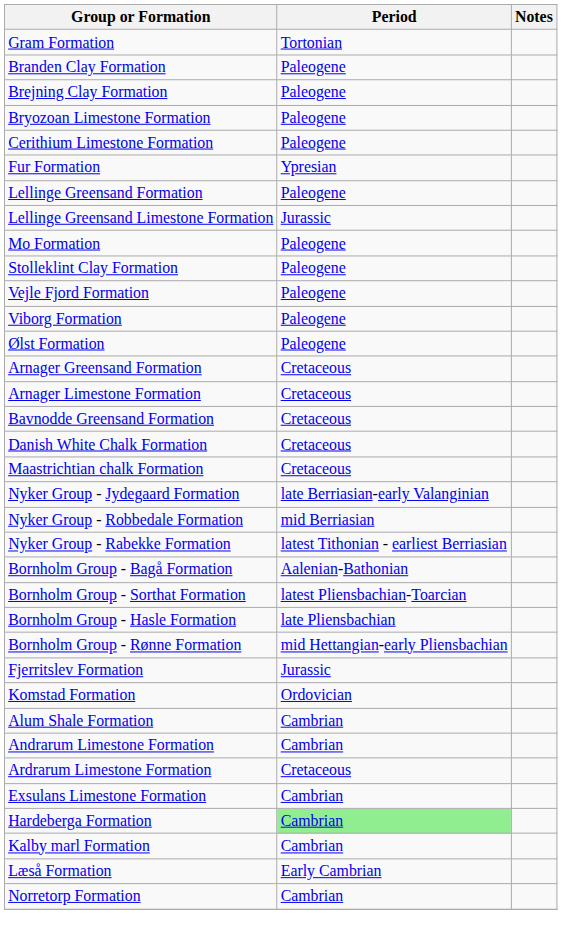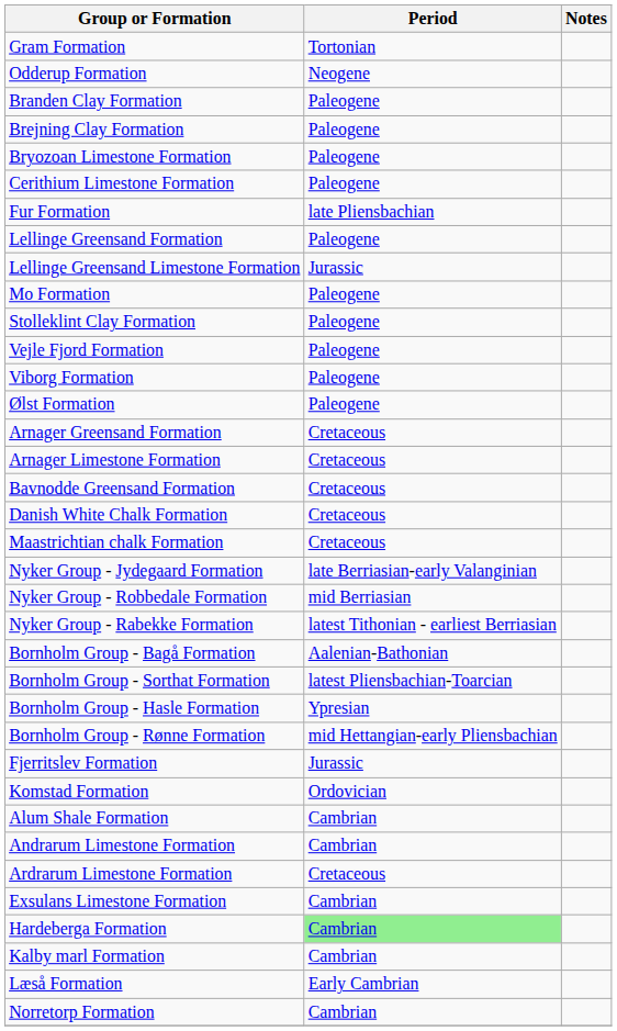 <table class="wikitable sortable">
 <tr>
 <th>Group or Formation</th>
 <th>Period</th>
 <th class="unsortable">Notes</th>
 </tr>
 <tr>
 <td><a href='#'>Gram Formation</a></td>
 <td style="background-color: "><a href='#'>Tortonian</a></td>
+<td></td>
+</tr>
+<tr>
+<td><a href='#'>Odderup Formation</a></td>
+<td><a href='#'>Neogene</a></td>
 <td></td>
 </tr>
 <tr>
 <td><a href='#'>Branden Clay Formation</a></td>
 <td><a href='#'>Paleogene</a></td>
 <td></td>
 </tr>
 <tr>
 <td><a href='#'>Brejning Clay Formation</a></td>
 <td><a href='#'>Paleogene</a></td>
 <td></td>
 </tr>
 <tr>
 <td><a href='#'>Bryozoan Limestone Formation</a></td>
 <td><a href='#'>Paleogene</a></td>
 <td></td>
 </tr>
 <tr>
 <td><a href='#'>Cerithium Limestone Formation</a></td>
 <td><a href='#'>Paleogene</a></td>
 <td></td>
 </tr>
 <tr>
 <td><a href='#'>Fur Formation</a></td>
-<td style="background-color: "><a href='#'>Ypresian</a></td>
+<td style="background-color: "><a href='#'>late Pliensbachian</a></td>
 <td></td>
 </tr>
 <tr>
 <td><a href='#'>Lellinge Greensand Formation</a></td>
 <td><a href='#'>Paleogene</a></td>
 <td></td>
 </tr>
 <tr>
 <td><a href='#'>Lellinge Greensand Limestone Formation</a></td>
 <td><a href='#'>Jurassic</a></td>
 <td></td>
 </tr>
 <tr>
 <td><a href='#'>Mo Formation</a></td>
 <td><a href='#'>Paleogene</a></td>
 <td></td>
 </tr>
 <tr>
 <td><a href='#'>Stolleklint Clay Formation</a></td>
 <td><a href='#'>Paleogene</a></td>
 <td></td>
 </tr>
 <tr>
 <td><a href='#'>Vejle Fjord Formation</a></td>
 <td><a href='#'>Paleogene</a></td>
 <td></td>
 </tr>
 <tr>
 <td><a href='#'>Viborg Formation</a></td>
 <td><a href='#'>Paleogene</a></td>
 <td></td>
 </tr>
 <tr>
 <td><a href='#'>Ølst Formation</a></td>
 <td><a href='#'>Paleogene</a></td>
 <td></td>
 </tr>
 <tr>
 <td><a href='#'>Arnager Greensand Formation</a></td>
 <td><a href='#'>Cretaceous</a></td>
 <td></td>
 </tr>
 <tr>
 <td><a href='#'>Arnager Limestone Formation</a></td>
 <td><a href='#'>Cretaceous</a></td>
 <td></td>
 </tr>
 <tr>
 <td><a href='#'>Bavnodde Greensand Formation</a></td>
 <td><a href='#'>Cretaceous</a></td>
 <td></td>
 </tr>
 <tr>
 <td><a href='#'>Danish White Chalk Formation</a></td>
 <td><a href='#'>Cretaceous</a></td>
 <td></td>
 </tr>
 <tr>
 <td><a href='#'>Maastrichtian chalk Formation</a></td>
 <td><a href='#'>Cretaceous</a></td>
 <td></td>
 </tr>
 <tr>
 <td><a href='#'>Nyker Group</a> - <a href='#'>Jydegaard Formation</a></td>
 <td style="background-color: "><a href='#'>late Berriasian</a>-<a href='#'>early Valanginian</a></td>
 <td></td>
 </tr>
 <tr>
 <td><a href='#'>Nyker Group</a> - <a href='#'>Robbedale Formation</a></td>
 <td style="background-color: "><a href='#'>mid Berriasian</a></td>
 <td></td>
 </tr>
 <tr>
 <td><a href='#'>Nyker Group</a> - <a href='#'>Rabekke Formation</a></td>
 <td style="background-color: "><a href='#'>latest Tithonian</a> - <a href='#'>earliest Berriasian</a></td>
 <td></td>
 </tr>
 <tr>
 <td><a href='#'>Bornholm Group</a> - <a href='#'>Bagå Formation</a></td>
 <td style="background-color: "><a href='#'>Aalenian</a>-<a href='#'>Bathonian</a></td>
 <td></td>
 </tr>
 <tr>
 <td><a href='#'>Bornholm Group</a> - <a href='#'>Sorthat Formation</a></td>
 <td style="background-color: "><a href='#'>latest Pliensbachian</a>-<a href='#'>Toarcian</a></td>
 <td></td>
 </tr>
 <tr>
 <td><a href='#'>Bornholm Group</a> - <a href='#'>Hasle Formation</a></td>
-<td style="background-color: "><a href='#'>late Pliensbachian</a></td>
+<td style="background-color: "><a href='#'>Ypresian</a></td>
 <td></td>
 </tr>
 <tr>
 <td><a href='#'>Bornholm Group</a> - <a href='#'>Rønne Formation</a></td>
 <td style="background-color: "><a href='#'>mid Hettangian</a>-<a href='#'>early Pliensbachian</a></td>
 <td></td>
 </tr>
 <tr>
 <td><a href='#'>Fjerritslev Formation</a></td>
 <td><a href='#'>Jurassic</a></td>
 <td></td>
 </tr>
 <tr>
 <td><a href='#'>Komstad Formation</a></td>
 <td><a href='#'>Ordovician</a></td>
 <td></td>
 </tr>
 <tr>
 <td><a href='#'>Alum Shale Formation</a></td>
 <td><a href='#'>Cambrian</a></td>
 <td></td>
 </tr>
 <tr>
 <td><a href='#'>Andrarum Limestone Formation</a></td>
 <td><a href='#'>Cambrian</a></td>
 <td></td>
 </tr>
 <tr>
 <td><a href='#'>Ardrarum Limestone Formation</a></td>
 <td><a href='#'>Cretaceous</a></td>
 <td></td>
 </tr>
 <tr>
 <td><a href='#'>Exsulans Limestone Formation</a></td>
 <td><a href='#'>Cambrian</a></td>
 <td></td>
 </tr>
 <tr>
 <td><a href='#'>Hardeberga Formation</a></td>
 <td style="background: lightgreen;"><a href='#'>Cambrian</a></td>
 <td></td>
 </tr>
 <tr>
 <td><a href='#'>Kalby marl Formation</a></td>
 <td><a href='#'>Cambrian</a></td>
 <td></td>
 </tr>
 <tr>
 <td><a href='#'>Læså Formation</a></td>
 <td><a href='#'>Early Cambrian</a></td>
 <td></td>
 </tr>
 <tr>
 <td><a href='#'>Norretorp Formation</a></td>
 <td><a href='#'>Cambrian</a></td>
 <td></td>
 </tr>
 <tr>
 </tr>
 </table>
